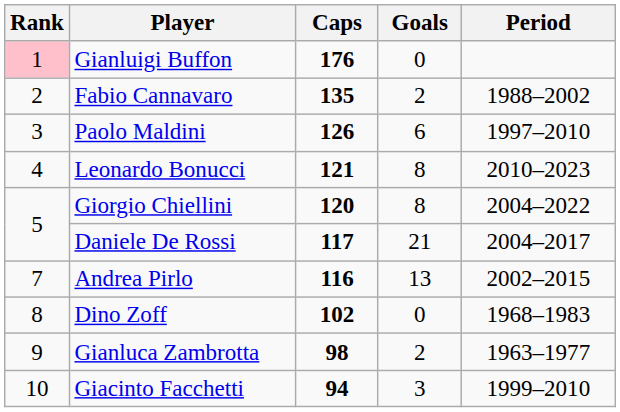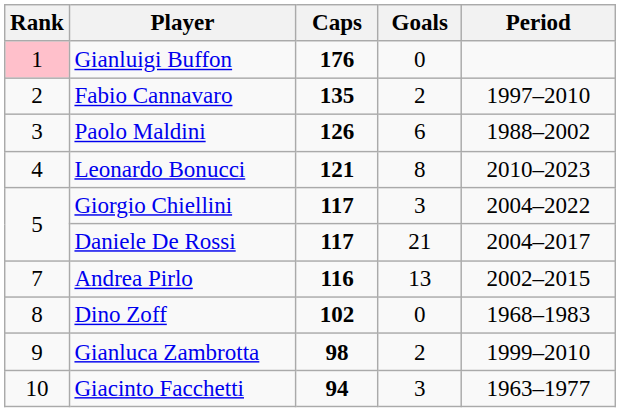 <table class="wikitable sortable" style="text-align:center;">
 <tr>
 <th width=20px>Rank</th>
 <th style="width:150px;">Player</th>
 <th width=50px>Caps</th>
 <th width=50px>Goals</th>
 <th style="width:100px;">Period</th>
 </tr>
 <tr>
 <td style="background: pink;">1</td>
 <td style="text-align: left;"><a href='#'>Gianluigi Buffon</a></td>
 <td><strong>176</strong></td>
 <td>0</td>
 <td></td>
 </tr>
 <tr>
 <td>2</td>
 <td style="text-align: left;"><a href='#'>Fabio Cannavaro</a></td>
 <td><strong>135</strong></td>
 <td>2</td>
-<td>1988–2002</td>
+<td>1997–2010</td>
 </tr>
 <tr>
 <td>3</td>
 <td style="text-align: left;"><a href='#'>Paolo Maldini</a></td>
 <td><strong>126</strong></td>
 <td>6</td>
-<td>1997–2010</td>
+<td>1988–2002</td>
 </tr>
 <tr>
 <td>4</td>
 <td style="text-align: left;"><a href='#'>Leonardo Bonucci</a></td>
 <td><strong>121</strong></td>
 <td>8</td>
 <td>2010–2023</td>
 </tr>
 <tr>
 <td rowspan="2">5</td>
 <td style="text-align: left;"><a href='#'>Giorgio Chiellini</a></td>
-<td><strong>120</strong></td>
-<td>8</td>
+<td><strong>117</strong></td>
+<td>3</td>
 <td>2004–2022</td>
 </tr>
 <tr>
 <td style="text-align: left;"><a href='#'>Daniele De Rossi</a></td>
 <td><strong>117</strong></td>
 <td>21</td>
 <td>2004–2017</td>
 </tr>
 <tr>
 <td>7</td>
 <td style="text-align: left"><a href='#'>Andrea Pirlo</a></td>
 <td><strong>116</strong></td>
 <td>13</td>
 <td>2002–2015</td>
 </tr>
 <tr>
 <td>8</td>
 <td style="text-align: left;"><a href='#'>Dino Zoff</a></td>
 <td><strong>102</strong></td>
 <td>0</td>
 <td>1968–1983</td>
 </tr>
 <tr>
 <td>9</td>
 <td style="text-align: left;"><a href='#'>Gianluca Zambrotta</a></td>
 <td><strong>98</strong></td>
 <td>2</td>
-<td>1963–1977</td>
+<td>1999–2010</td>
 </tr>
 <tr>
 <td>10</td>
 <td style="text-align: left"><a href='#'>Giacinto Facchetti</a></td>
 <td><strong>94</strong></td>
 <td>3</td>
-<td>1999–2010</td>
+<td>1963–1977</td>
 </tr>
 </table>
